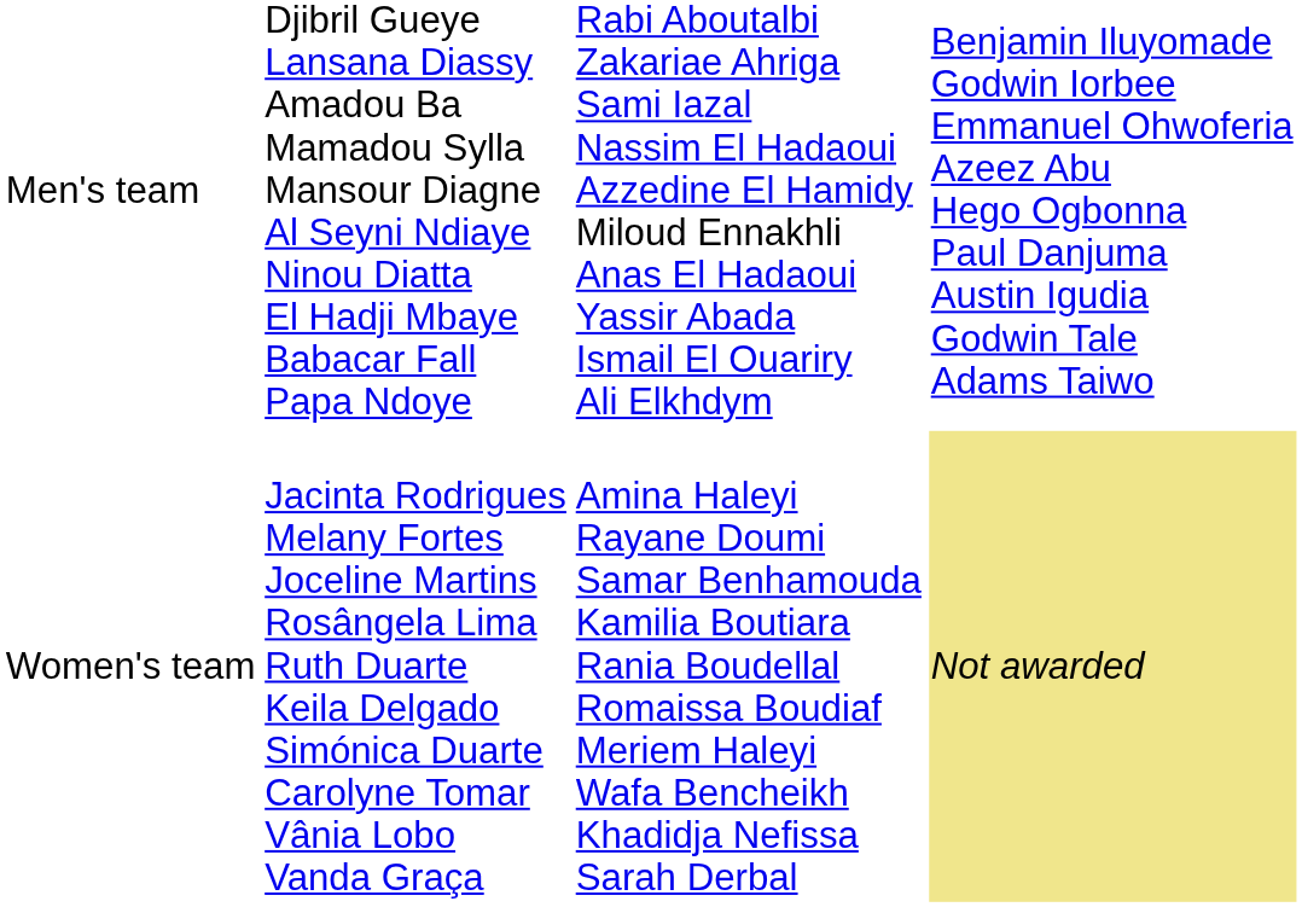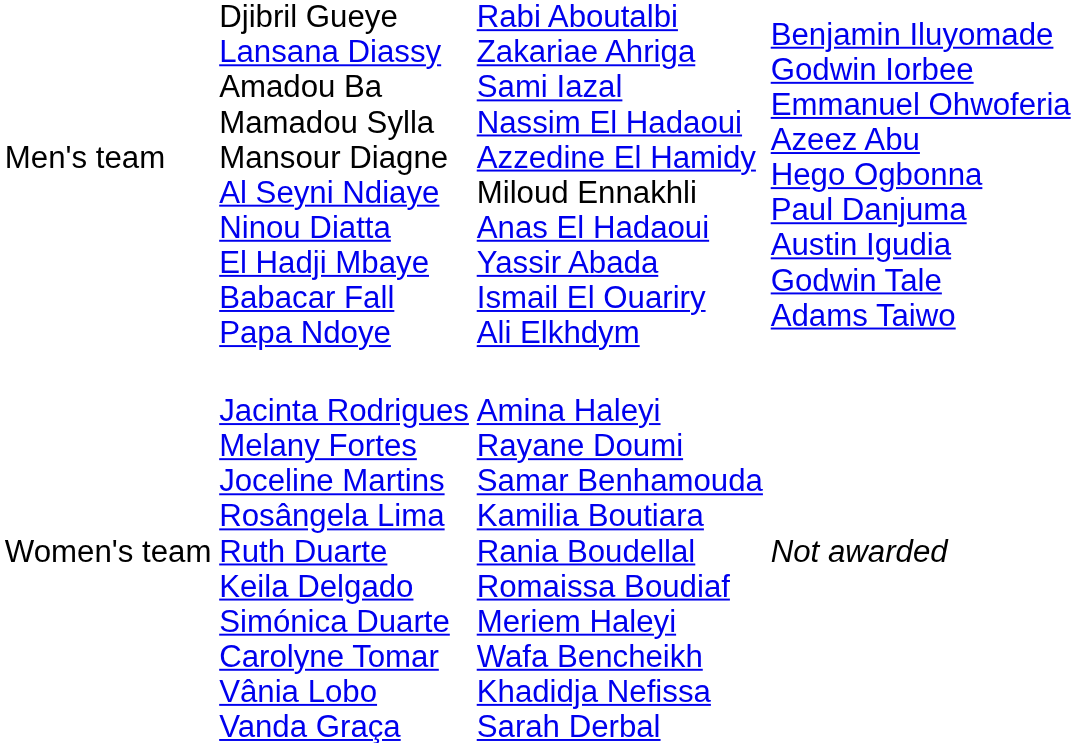 <table>
 <tr>
 <td>Men's team</td>
 <td><br>Djibril Gueye<br><a href='#'>Lansana Diassy</a><br>Amadou Ba<br>Mamadou Sylla<br>Mansour Diagne<br><a href='#'>Al Seyni Ndiaye</a><br><a href='#'>Ninou Diatta</a><br><a href='#'>El Hadji Mbaye</a><br><a href='#'>Babacar Fall</a><br><a href='#'>Papa Ndoye</a></td>
 <td><br><a href='#'>Rabi Aboutalbi</a><br><a href='#'>Zakariae Ahriga</a><br><a href='#'>Sami Iazal</a><br><a href='#'>Nassim El Hadaoui</a><br><a href='#'>Azzedine El Hamidy</a><br>Miloud Ennakhli<br><a href='#'>Anas El Hadaoui</a><br><a href='#'>Yassir Abada</a><br><a href='#'>Ismail El Ouariry</a><br><a href='#'>Ali Elkhdym</a></td>
 <td><br><a href='#'>Benjamin Iluyomade</a><br><a href='#'>Godwin Iorbee</a><br><a href='#'>Emmanuel Ohwoferia</a><br><a href='#'>Azeez Abu</a><br><a href='#'>Hego Ogbonna</a><br><a href='#'>Paul Danjuma</a><br><a href='#'>Austin Igudia</a><br><a href='#'>Godwin Tale</a><br><a href='#'>Adams Taiwo</a></td>
 </tr>
 <tr>
 <td>Women's team</td>
 <td><br><a href='#'>Jacinta Rodrigues</a><br><a href='#'>Melany Fortes</a><br><a href='#'>Joceline Martins</a><br><a href='#'>Rosângela Lima</a><br><a href='#'>Ruth Duarte</a><br><a href='#'>Keila Delgado</a><br><a href='#'>Simónica Duarte</a><br><a href='#'>Carolyne Tomar</a><br><a href='#'>Vânia Lobo</a><br><a href='#'>Vanda Graça</a></td>
 <td><br><a href='#'>Amina Haleyi</a><br><a href='#'>Rayane Doumi</a><br><a href='#'>Samar Benhamouda</a><br><a href='#'>Kamilia Boutiara</a><br><a href='#'>Rania Boudellal</a><br><a href='#'>Romaissa Boudiaf</a><br><a href='#'>Meriem Haleyi</a><br><a href='#'>Wafa Bencheikh</a><br><a href='#'>Khadidja Nefissa</a><br><a href='#'>Sarah Derbal</a></td>
-<td style="background: khaki;"><em>Not awarded</em></td>
+<td><em>Not awarded</em></td>
 </tr>
 </table>
